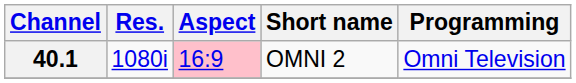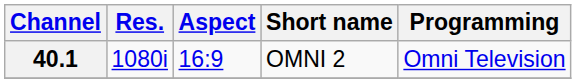 <table class="wikitable">
 <tr>
 <th><a href='#'>Channel</a></th>
 <th><a href='#'>Res.</a></th>
 <th><a href='#'>Aspect</a></th>
 <th>Short name</th>
 <th>Programming</th>
 </tr>
 <tr>
 <th scope = "row">40.1</th>
 <td><a href='#'>1080i</a></td>
-<td style="background: pink;"><a href='#'>16:9</a></td>
+<td><a href='#'>16:9</a></td>
 <td>OMNI 2</td>
 <td><a href='#'>Omni Television</a></td>
 </tr>
 <tr>
 </tr>
 </table>
